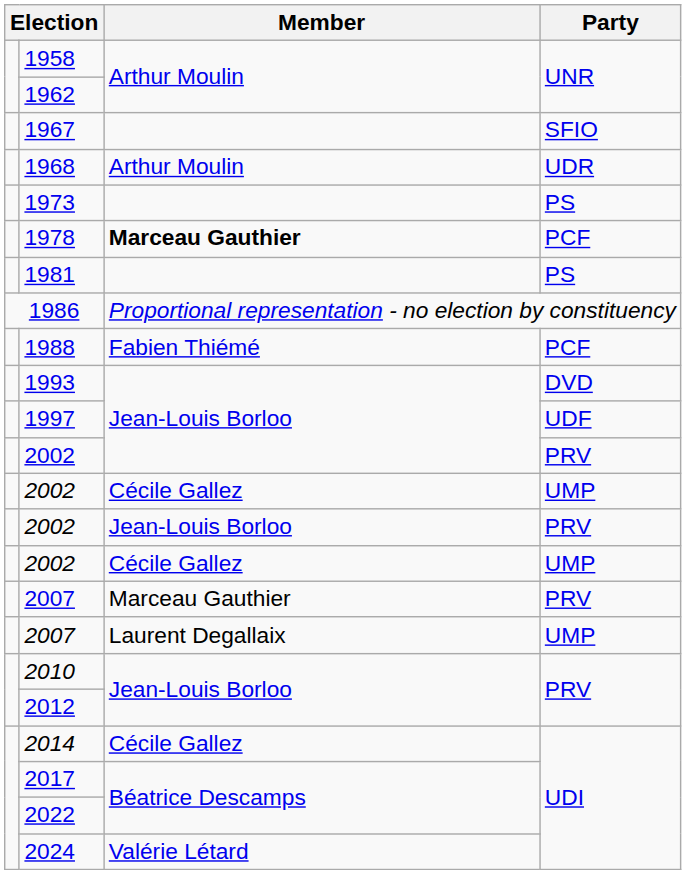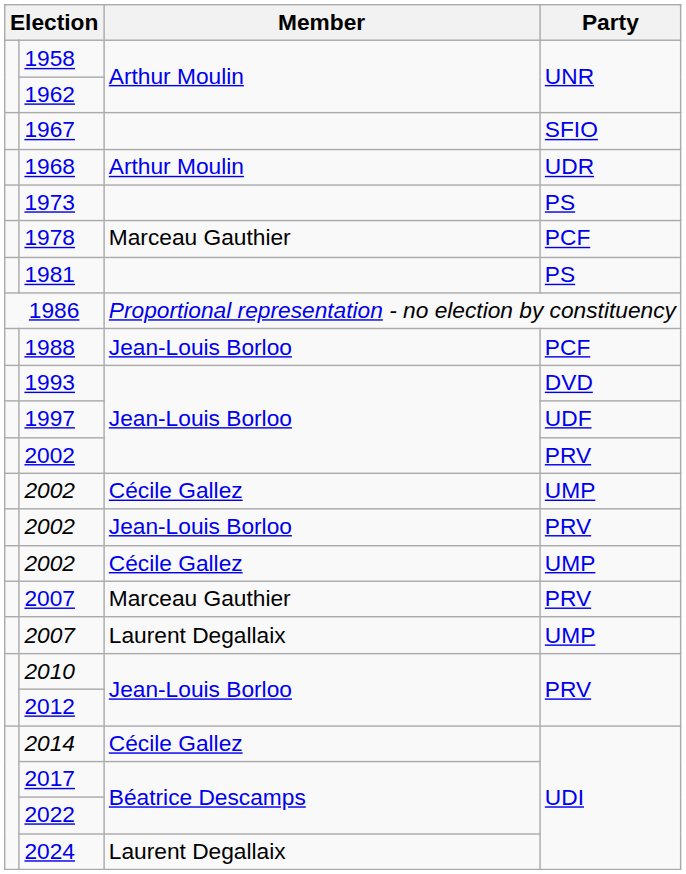 <table class="wikitable">
 <tr>
 <th colspan="2">Election</th>
 <th>Member</th>
 <th>Party</th>
 </tr>
 <tr>
 <td rowspan="2" style="background-color: "></td>
 <td><a href='#'>1958</a></td>
 <td rowspan="2"><a href='#'>Arthur Moulin</a></td>
 <td rowspan="2"><a href='#'>UNR</a></td>
 </tr>
 <tr>
 <td><a href='#'>1962</a></td>
 </tr>
 <tr>
 <td style="color:inherit;background-color: "></td>
 <td><a href='#'>1967</a></td>
 <td></td>
 <td><a href='#'>SFIO</a></td>
 </tr>
 <tr>
 <td style="color:inherit;background-color: "></td>
 <td><a href='#'>1968</a></td>
 <td><a href='#'>Arthur Moulin</a></td>
 <td><a href='#'>UDR</a></td>
 </tr>
 <tr>
 <td style="color:inherit;background-color: "></td>
 <td><a href='#'>1973</a></td>
 <td></td>
 <td><a href='#'>PS</a></td>
 </tr>
 <tr>
 <td style="color:inherit;background-color: "></td>
 <td><a href='#'>1978</a></td>
-<td><strong>Marceau Gauthier</strong></td>
+<td>Marceau Gauthier</td>
 <td><a href='#'>PCF</a></td>
 </tr>
 <tr>
 <td style="color:inherit;background-color: "></td>
 <td><a href='#'>1981</a></td>
 <td></td>
 <td><a href='#'>PS</a></td>
 </tr>
 <tr>
 <td colspan="2" align="center"><a href='#'>1986</a></td>
 <td colspan="2"><em><a href='#'>Proportional representation</a> - no election by constituency</em></td>
 </tr>
 <tr>
 <td style="color:inherit;background-color: "></td>
 <td><a href='#'>1988</a></td>
-<td><a href='#'>Fabien Thiémé</a></td>
+<td><a href='#'>Jean-Louis Borloo</a></td>
 <td><a href='#'>PCF</a></td>
 </tr>
 <tr>
 <td style="color:inherit;background-color: "></td>
 <td><a href='#'>1993</a></td>
 <td rowspan="3"><a href='#'>Jean-Louis Borloo</a></td>
 <td><a href='#'>DVD</a></td>
 </tr>
 <tr>
 <td style="color:inherit;background-color: "></td>
 <td><a href='#'>1997</a></td>
 <td><a href='#'>UDF</a></td>
 </tr>
 <tr>
 <td style="color:inherit;background-color: "></td>
 <td><a href='#'>2002</a></td>
 <td><a href='#'>PRV</a></td>
 </tr>
 <tr>
 <td style="color:inherit;background-color: "></td>
 <td><em>2002</em></td>
 <td><a href='#'>Cécile Gallez</a></td>
 <td><a href='#'>UMP</a></td>
 </tr>
 <tr>
 <td style="color:inherit;background-color: "></td>
 <td><em>2002</em></td>
 <td><a href='#'>Jean-Louis Borloo</a></td>
 <td><a href='#'>PRV</a></td>
 </tr>
 <tr>
 <td style="color:inherit;background-color: "></td>
 <td><em>2002</em></td>
 <td><a href='#'>Cécile Gallez</a></td>
 <td><a href='#'>UMP</a></td>
 </tr>
 <tr>
 <td style="color:inherit;background-color: "></td>
 <td><a href='#'>2007</a></td>
 <td>Marceau Gauthier</td>
 <td><a href='#'>PRV</a></td>
 </tr>
 <tr>
 <td style="color:inherit;background-color: "></td>
 <td><em>2007</em></td>
 <td>Laurent Degallaix</td>
 <td><a href='#'>UMP</a></td>
 </tr>
 <tr>
 <td rowspan="2" style="background-color: "></td>
 <td><em>2010</em></td>
 <td rowspan="2"><a href='#'>Jean-Louis Borloo</a></td>
 <td rowspan="2"><a href='#'>PRV</a></td>
 </tr>
 <tr>
 <td><a href='#'>2012</a></td>
 </tr>
 <tr>
 <td rowspan="4" style="background-color: "></td>
 <td><em>2014</em></td>
 <td><a href='#'>Cécile Gallez</a></td>
 <td rowspan="4"><a href='#'>UDI</a></td>
 </tr>
 <tr>
 <td><a href='#'>2017</a></td>
 <td rowspan="2"><a href='#'>Béatrice Descamps</a></td>
 </tr>
 <tr>
 <td><a href='#'>2022</a></td>
 </tr>
 <tr>
 <td><a href='#'>2024</a></td>
-<td><a href='#'>Valérie Létard</a></td>
+<td>Laurent Degallaix</td>
 </tr>
 </table>
